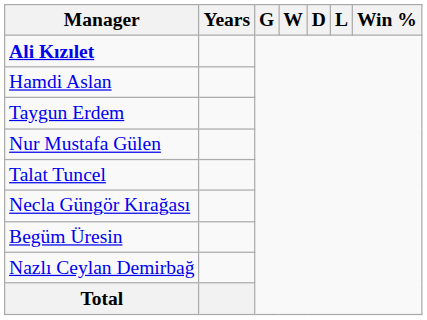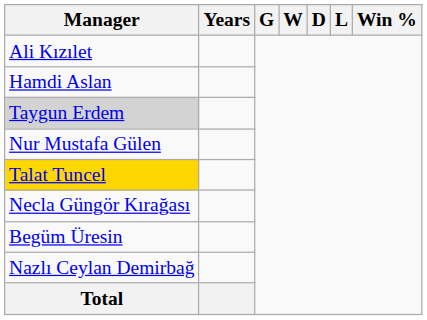 <table class=wikitable>
 <tr>
 <th>Manager</th>
 <th>Years</th>
 <th>G</th>
 <th>W</th>
 <th>D</th>
 <th>L</th>
 <th>Win %</th>
 </tr>
 <tr>
-<td><strong><a href='#'>Ali Kızılet</a></strong></td>
+<td><a href='#'>Ali Kızılet</a></td>
 <td 2006–2008></td>
 </tr>
 <tr>
 <td><a href='#'>Hamdi Aslan</a></td>
 <td 2009–2010></td>
 </tr>
 <tr>
-<td><a href='#'>Taygun Erdem</a></td>
+<td style="background: lightgrey;"><a href='#'>Taygun Erdem</a></td>
 <td 2010–2012></td>
 </tr>
 <tr>
 <td><a href='#'>Nur Mustafa Gülen</a></td>
 <td 2012></td>
 </tr>
 <tr>
-<td><a href='#'>Talat Tuncel</a></td>
+<td style="background: gold;"><a href='#'>Talat Tuncel</a></td>
 <td 2013–2014></td>
 </tr>
 <tr>
 <td><a href='#'>Necla Güngör Kırağası</a></td>
 <td 2015–2019></td>
 </tr>
 <tr>
 <td><a href='#'>Begüm Üresin</a></td>
 <td 2020></td>
 </tr>
 <tr>
 <td><a href='#'>Nazlı Ceylan Demirbağ</a></td>
 <td 2021-></td>
 </tr>
 <tr>
 <th>Total</th>
 <th 2006-2022></th>
 </tr>
 </table>
